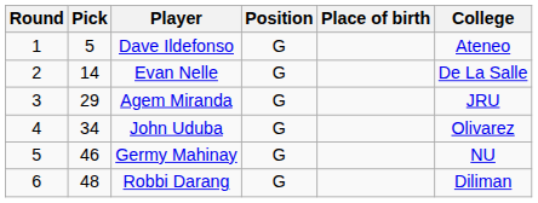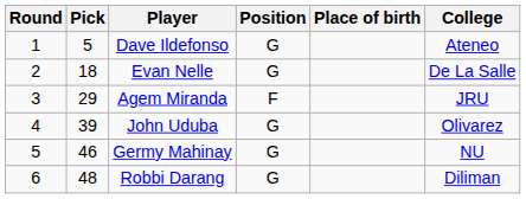 <table class="wikitable sortable sortable" style="text-align:center">
 <tr>
 <th>Round</th>
 <th>Pick</th>
 <th>Player</th>
 <th>Position</th>
 <th>Place of birth</th>
 <th>College</th>
 </tr>
 <tr>
 <td>1</td>
 <td>5</td>
 <td><a href='#'>Dave Ildefonso</a></td>
 <td>G</td>
 <td></td>
 <td><a href='#'>Ateneo</a></td>
 </tr>
 <tr>
 <td>2</td>
-<td>14</td>
+<td>18</td>
 <td><a href='#'>Evan Nelle</a></td>
 <td>G</td>
 <td></td>
 <td><a href='#'>De La Salle</a></td>
 </tr>
 <tr>
 <td>3</td>
 <td>29</td>
 <td><a href='#'>Agem Miranda</a></td>
-<td>G</td>
+<td>F</td>
 <td></td>
 <td><a href='#'>JRU</a></td>
 </tr>
 <tr>
 <td>4</td>
-<td>34</td>
+<td>39</td>
 <td><a href='#'>John Uduba</a></td>
 <td>G</td>
 <td></td>
 <td><a href='#'>Olivarez</a></td>
 </tr>
 <tr>
 <td>5</td>
 <td>46</td>
 <td><a href='#'>Germy Mahinay</a></td>
 <td>G</td>
 <td></td>
 <td><a href='#'>NU</a></td>
 </tr>
 <tr>
 <td>6</td>
 <td>48</td>
 <td><a href='#'>Robbi Darang</a></td>
 <td>G</td>
 <td></td>
 <td><a href='#'>Diliman</a></td>
 </tr>
 </table>
